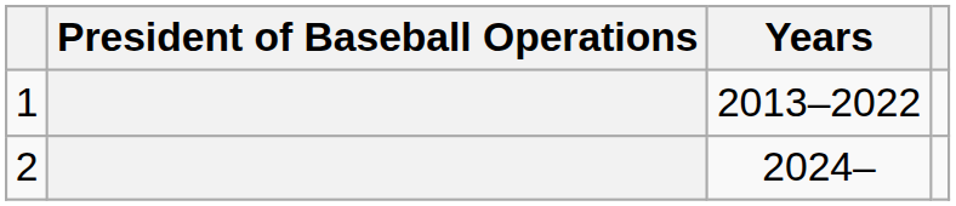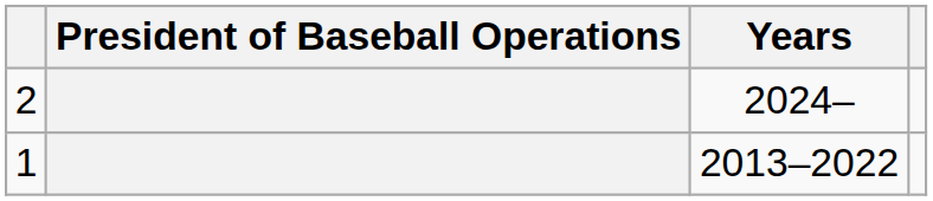 <table class="wikitable sortable plainrowheaders" style="text-align:center">
 <tr>
 <th scope="col"></th>
 <th scope="col">President of Baseball Operations</th>
 <th scope="col">Years</th>
 <th class="unsortable" scope="col"></th>
 </tr>
 <tr>
+<td>2</td>
+<th scope="row" style="text-align:center"></th>
+<td>2024–</td>
+<td></td>
+</tr>
+<tr>
 <td>1</td>
 <th scope="row" style="text-align:center"></th>
 <td>2013–2022</td>
 <td></td>
 </tr>
-<tr>
-<td>2</td>
-<th scope="row" style="text-align:center"></th>
-<td>2024–</td>
-<td></td>
-</tr>
 </table>
